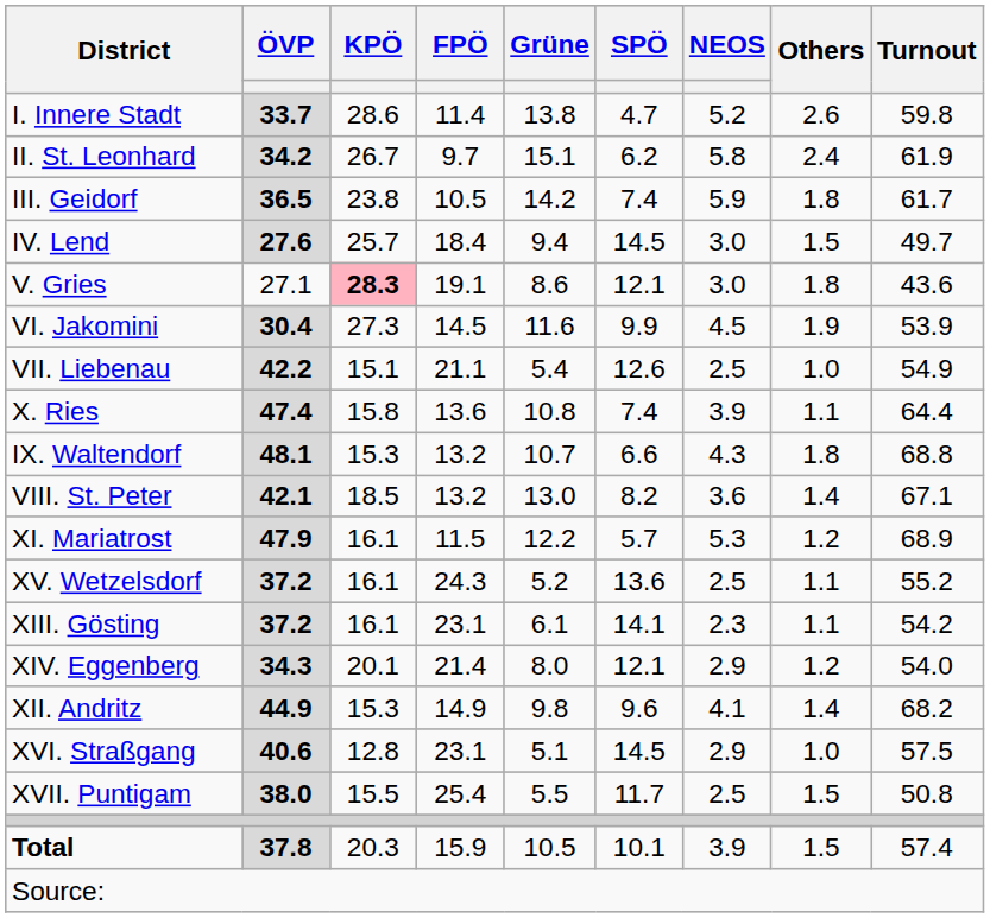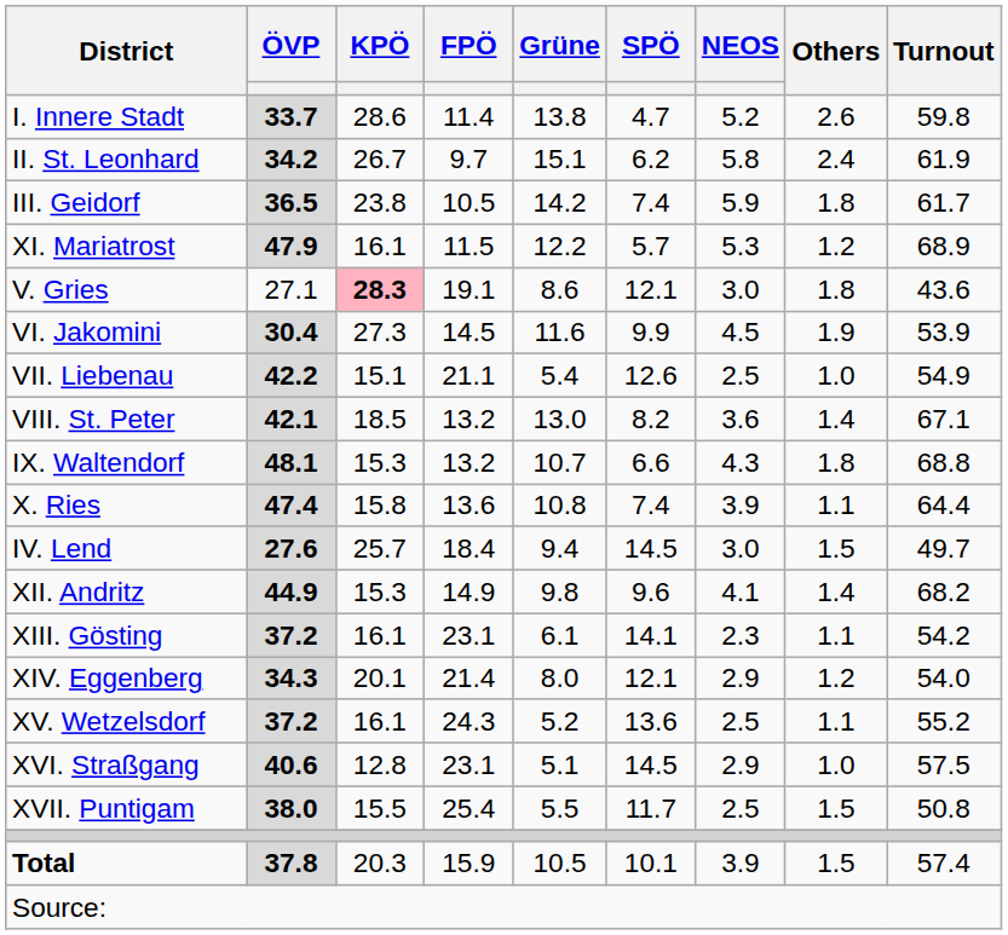 <table class="wikitable sortable" style="text-align:center;font-size:90%;line-height:16px">
 <tr style="height:40px;">
 <th style="width:120px;" rowspan="2">District</th>
 <th style="width:40px;"><a href='#'>ÖVP</a></th>
 <th style="width:40px;"><a href='#'>KPÖ</a></th>
 <th style="width:40px;"><a href='#'>FPÖ</a></th>
 <th style="width:40px;"><a href='#'>Grüne</a></th>
 <th style="width:40px;"><a href='#'>SPÖ</a></th>
 <th style="width:40px;"><a href='#'>NEOS</a></th>
 <th class="unsortable" style="width:40px;" rowspan="2">Others</th>
 <th class="unsortable" style="width:40px;" rowspan="2">Turnout</th>
 </tr>
 <tr>
 <th style="background:"></th>
 <th style="background:"></th>
 <th style="background:"></th>
 <th style="background:"></th>
 <th style="background:"></th>
 <th style="background:"></th>
 </tr>
 <tr>
 <td data-sort-value="1" align=left>I. <a href='#'>Innere Stadt</a></td>
 <td bgcolor=#D9D9D9><strong>33.7</strong></td>
 <td>28.6</td>
 <td>11.4</td>
 <td>13.8</td>
 <td>4.7</td>
 <td>5.2</td>
 <td>2.6</td>
 <td>59.8</td>
 </tr>
 <tr>
 <td data-sort-value="2" align=left>II. <a href='#'>St. Leonhard</a></td>
 <td bgcolor=#D9D9D9><strong>34.2</strong></td>
 <td>26.7</td>
 <td>9.7</td>
 <td>15.1</td>
 <td>6.2</td>
 <td>5.8</td>
 <td>2.4</td>
 <td>61.9</td>
 </tr>
 <tr>
 <td data-sort-value="3" align=left>III. <a href='#'>Geidorf</a></td>
 <td bgcolor=#D9D9D9><strong>36.5</strong></td>
 <td>23.8</td>
 <td>10.5</td>
 <td>14.2</td>
 <td>7.4</td>
 <td>5.9</td>
 <td>1.8</td>
 <td>61.7</td>
 </tr>
 <tr>
-<td data-sort-value="4" align=left>IV. <a href='#'>Lend</a></td>
-<td bgcolor=#D9D9D9><strong>27.6</strong></td>
-<td>25.7</td>
-<td>18.4</td>
-<td>9.4</td>
-<td>14.5</td>
-<td>3.0</td>
-<td>1.5</td>
-<td>49.7</td>
+<td data-sort-value="11" align=left>XI. <a href='#'>Mariatrost</a></td>
+<td bgcolor=#D9D9D9><strong>47.9</strong></td>
+<td>16.1</td>
+<td>11.5</td>
+<td>12.2</td>
+<td>5.7</td>
+<td>5.3</td>
+<td>1.2</td>
+<td>68.9</td>
 </tr>
 <tr>
 <td data-sort-value="5" align=left>V. <a href='#'>Gries</a></td>
 <td>27.1</td>
 <td bgcolor=#FFB3C0><strong>28.3</strong></td>
 <td>19.1</td>
 <td>8.6</td>
 <td>12.1</td>
 <td>3.0</td>
 <td>1.8</td>
 <td>43.6</td>
 </tr>
 <tr>
 <td data-sort-value="6" align=left>VI. <a href='#'>Jakomini</a></td>
 <td bgcolor=#D9D9D9><strong>30.4</strong></td>
 <td>27.3</td>
 <td>14.5</td>
 <td>11.6</td>
 <td>9.9</td>
 <td>4.5</td>
 <td>1.9</td>
 <td>53.9</td>
 </tr>
 <tr>
 <td data-sort-value="7" align=left>VII. <a href='#'>Liebenau</a></td>
 <td bgcolor=#D9D9D9><strong>42.2</strong></td>
 <td>15.1</td>
 <td>21.1</td>
 <td>5.4</td>
 <td>12.6</td>
 <td>2.5</td>
 <td>1.0</td>
 <td>54.9</td>
 </tr>
 <tr>
-<td data-sort-value="10" align=left>X. <a href='#'>Ries</a></td>
-<td bgcolor=#D9D9D9><strong>47.4</strong></td>
-<td>15.8</td>
-<td>13.6</td>
-<td>10.8</td>
-<td>7.4</td>
-<td>3.9</td>
-<td>1.1</td>
-<td>64.4</td>
+<td data-sort-value="8" align=left>VIII. <a href='#'>St. Peter</a></td>
+<td bgcolor=#D9D9D9><strong>42.1</strong></td>
+<td>18.5</td>
+<td>13.2</td>
+<td>13.0</td>
+<td>8.2</td>
+<td>3.6</td>
+<td>1.4</td>
+<td>67.1</td>
 </tr>
 <tr>
 <td data-sort-value="9" align=left>IX. <a href='#'>Waltendorf</a></td>
 <td bgcolor=#D9D9D9><strong>48.1</strong></td>
 <td>15.3</td>
 <td>13.2</td>
 <td>10.7</td>
 <td>6.6</td>
 <td>4.3</td>
 <td>1.8</td>
 <td>68.8</td>
 </tr>
 <tr>
-<td data-sort-value="8" align=left>VIII. <a href='#'>St. Peter</a></td>
-<td bgcolor=#D9D9D9><strong>42.1</strong></td>
-<td>18.5</td>
-<td>13.2</td>
-<td>13.0</td>
-<td>8.2</td>
-<td>3.6</td>
-<td>1.4</td>
-<td>67.1</td>
+<td data-sort-value="10" align=left>X. <a href='#'>Ries</a></td>
+<td bgcolor=#D9D9D9><strong>47.4</strong></td>
+<td>15.8</td>
+<td>13.6</td>
+<td>10.8</td>
+<td>7.4</td>
+<td>3.9</td>
+<td>1.1</td>
+<td>64.4</td>
 </tr>
 <tr>
-<td data-sort-value="11" align=left>XI. <a href='#'>Mariatrost</a></td>
-<td bgcolor=#D9D9D9><strong>47.9</strong></td>
-<td>16.1</td>
-<td>11.5</td>
-<td>12.2</td>
-<td>5.7</td>
-<td>5.3</td>
-<td>1.2</td>
-<td>68.9</td>
+<td data-sort-value="4" align=left>IV. <a href='#'>Lend</a></td>
+<td bgcolor=#D9D9D9><strong>27.6</strong></td>
+<td>25.7</td>
+<td>18.4</td>
+<td>9.4</td>
+<td>14.5</td>
+<td>3.0</td>
+<td>1.5</td>
+<td>49.7</td>
 </tr>
 <tr>
-<td data-sort-value="15" align=left>XV. <a href='#'>Wetzelsdorf</a></td>
-<td bgcolor=#D9D9D9><strong>37.2</strong></td>
-<td>16.1</td>
-<td>24.3</td>
-<td>5.2</td>
-<td>13.6</td>
-<td>2.5</td>
-<td>1.1</td>
-<td>55.2</td>
+<td data-sort-value="12" align=left>XII. <a href='#'>Andritz</a></td>
+<td bgcolor=#D9D9D9><strong>44.9</strong></td>
+<td>15.3</td>
+<td>14.9</td>
+<td>9.8</td>
+<td>9.6</td>
+<td>4.1</td>
+<td>1.4</td>
+<td>68.2</td>
 </tr>
 <tr>
 <td data-sort-value="13" align=left>XIII. <a href='#'>Gösting</a></td>
 <td bgcolor=#D9D9D9><strong>37.2</strong></td>
 <td>16.1</td>
 <td>23.1</td>
 <td>6.1</td>
 <td>14.1</td>
 <td>2.3</td>
 <td>1.1</td>
 <td>54.2</td>
 </tr>
 <tr>
 <td data-sort-value="14" align=left>XIV. <a href='#'>Eggenberg</a></td>
 <td bgcolor=#D9D9D9><strong>34.3</strong></td>
 <td>20.1</td>
 <td>21.4</td>
 <td>8.0</td>
 <td>12.1</td>
 <td>2.9</td>
 <td>1.2</td>
 <td>54.0</td>
 </tr>
 <tr>
-<td data-sort-value="12" align=left>XII. <a href='#'>Andritz</a></td>
-<td bgcolor=#D9D9D9><strong>44.9</strong></td>
-<td>15.3</td>
-<td>14.9</td>
-<td>9.8</td>
-<td>9.6</td>
-<td>4.1</td>
-<td>1.4</td>
-<td>68.2</td>
+<td data-sort-value="15" align=left>XV. <a href='#'>Wetzelsdorf</a></td>
+<td bgcolor=#D9D9D9><strong>37.2</strong></td>
+<td>16.1</td>
+<td>24.3</td>
+<td>5.2</td>
+<td>13.6</td>
+<td>2.5</td>
+<td>1.1</td>
+<td>55.2</td>
 </tr>
 <tr>
 <td data-sort-value="16" align=left>XVI. <a href='#'>Straßgang</a></td>
 <td bgcolor=#D9D9D9><strong>40.6</strong></td>
 <td>12.8</td>
 <td>23.1</td>
 <td>5.1</td>
 <td>14.5</td>
 <td>2.9</td>
 <td>1.0</td>
 <td>57.5</td>
 </tr>
 <tr>
 <td data-sort-value="17" align=left>XVII. <a href='#'>Puntigam</a></td>
 <td bgcolor=#D9D9D9><strong>38.0</strong></td>
 <td>15.5</td>
 <td>25.4</td>
 <td>5.5</td>
 <td>11.7</td>
 <td>2.5</td>
 <td>1.5</td>
 <td>50.8</td>
 </tr>
 <tr>
 <td colspan=9 bgcolor=lightgrey></td>
 </tr>
 <tr>
 <td align=left><strong>Total</strong></td>
 <td bgcolor=#D9D9D9><strong>37.8</strong></td>
 <td>20.3</td>
 <td>15.9</td>
 <td>10.5</td>
 <td>10.1</td>
 <td>3.9</td>
 <td>1.5</td>
 <td>57.4</td>
 </tr>
 <tr class=sortbottom>
 <td colspan=9 align=left>Source: </td>
 </tr>
 </table>
